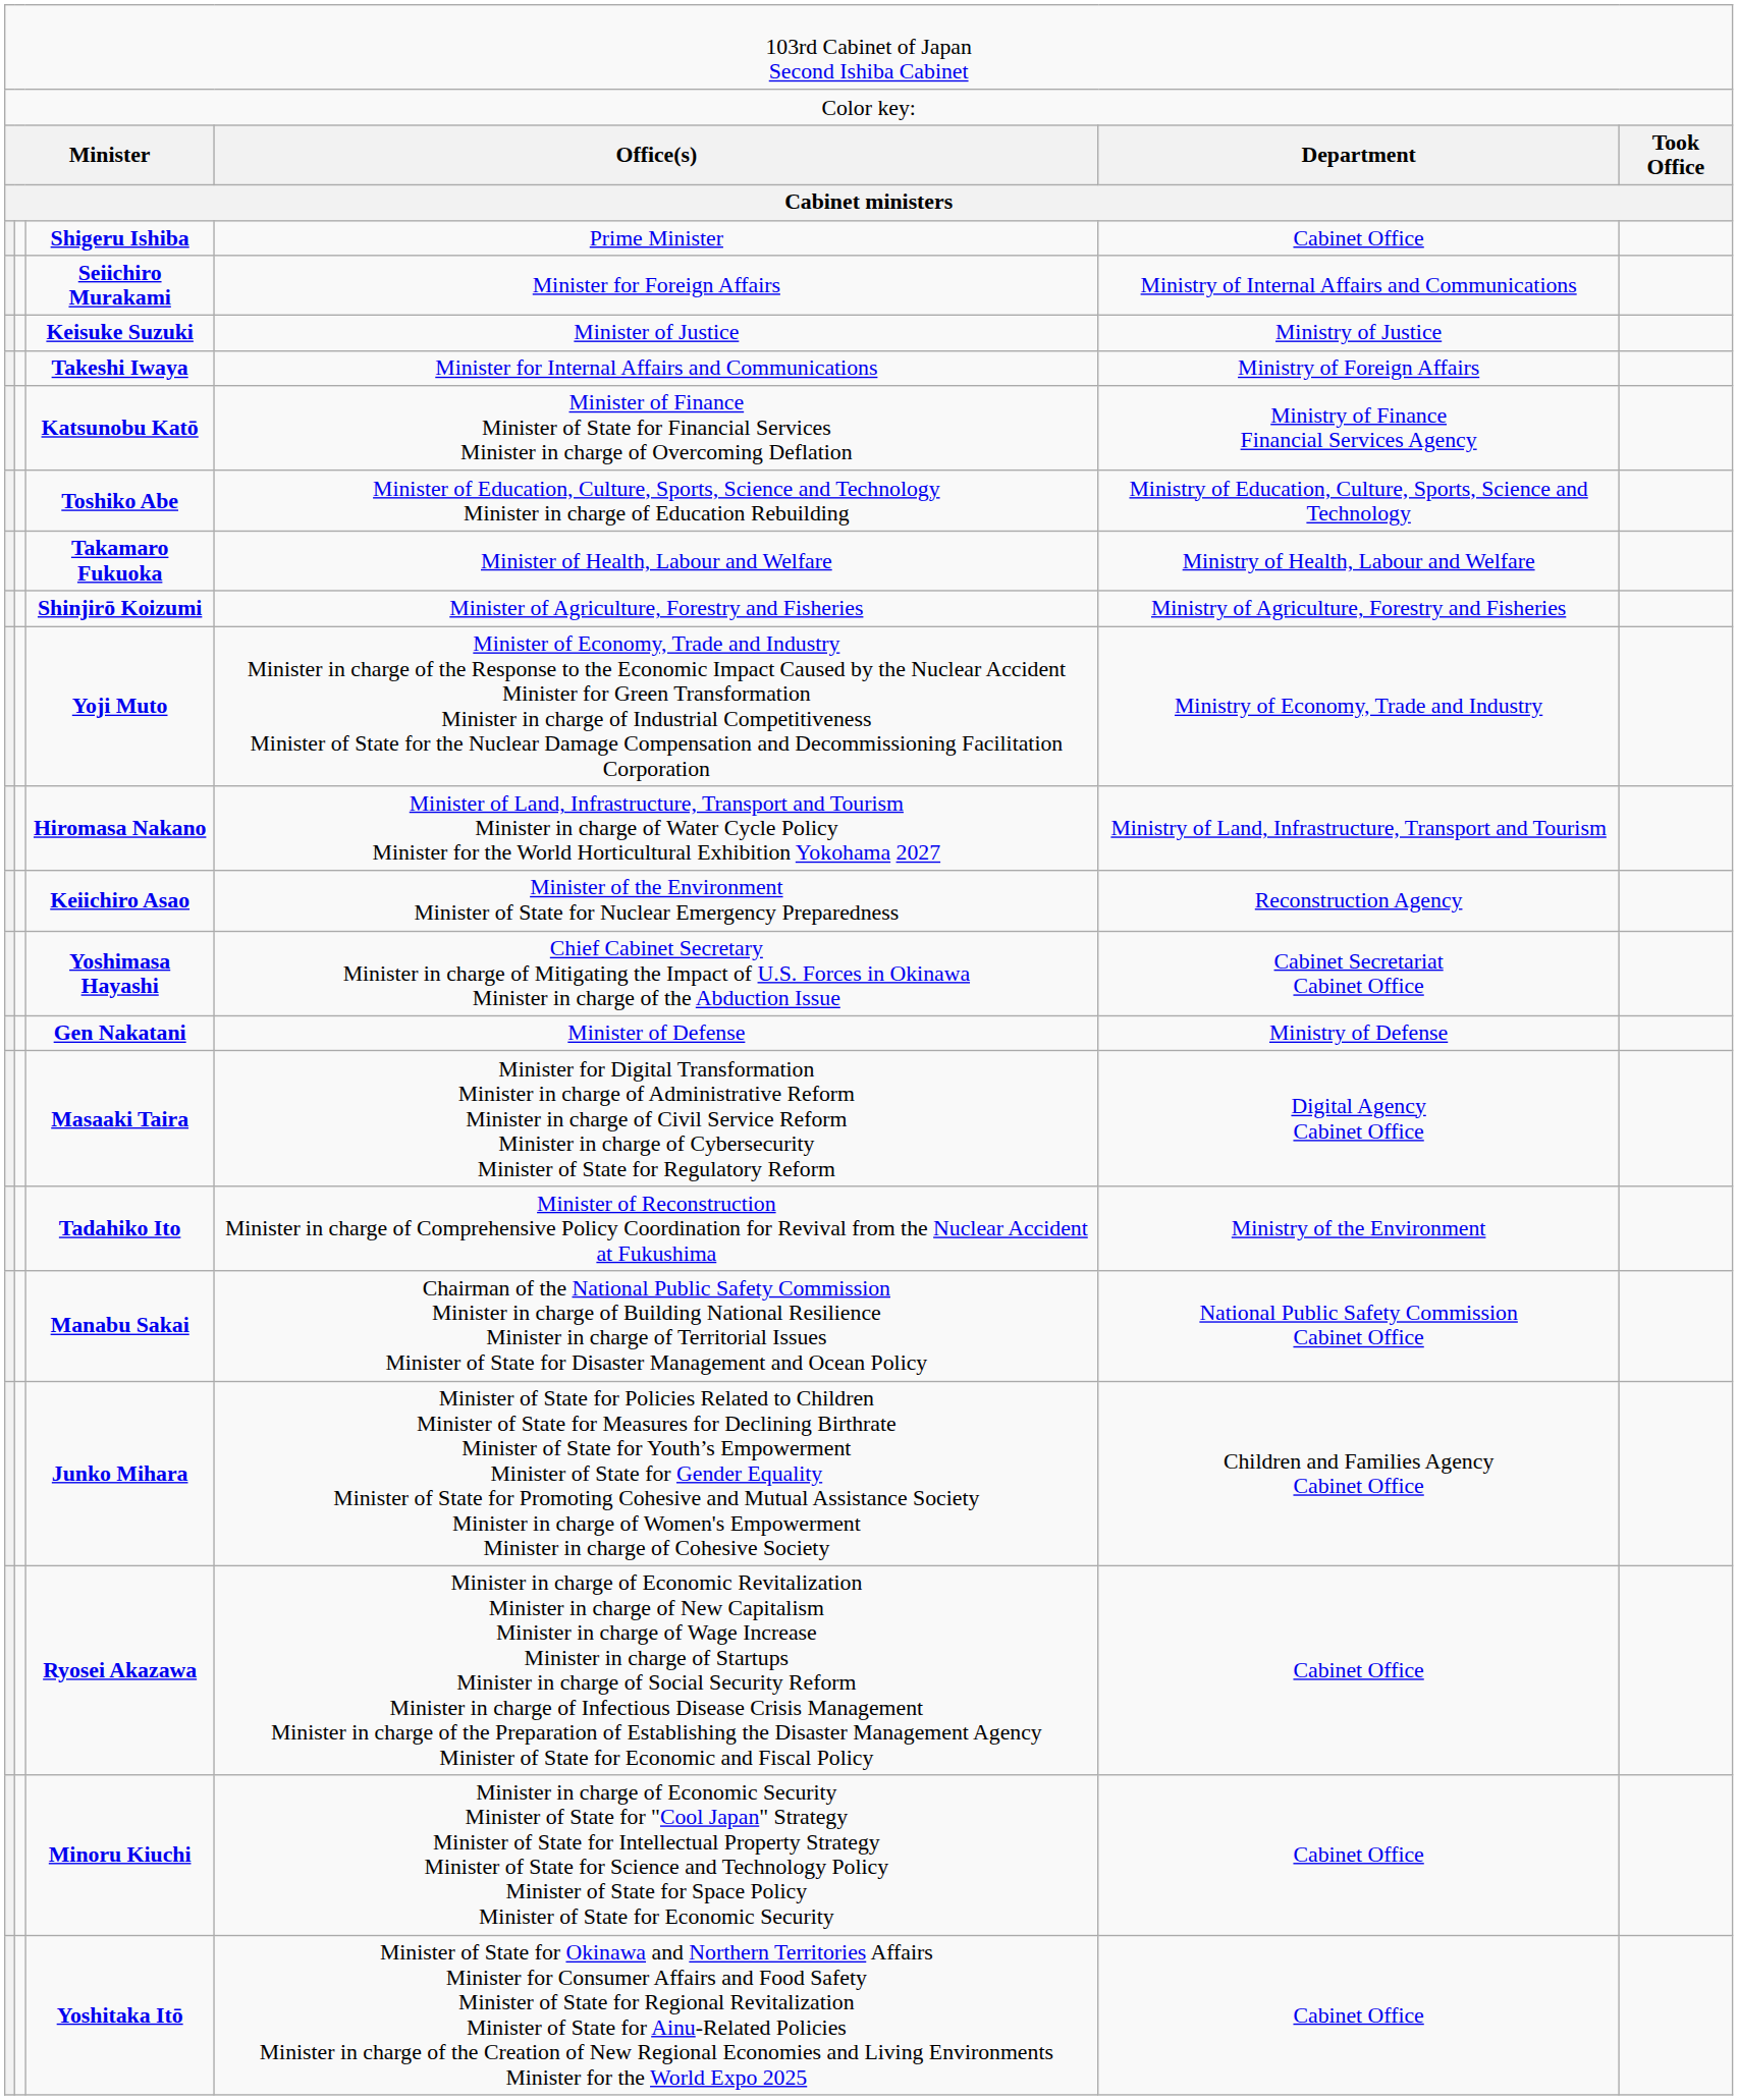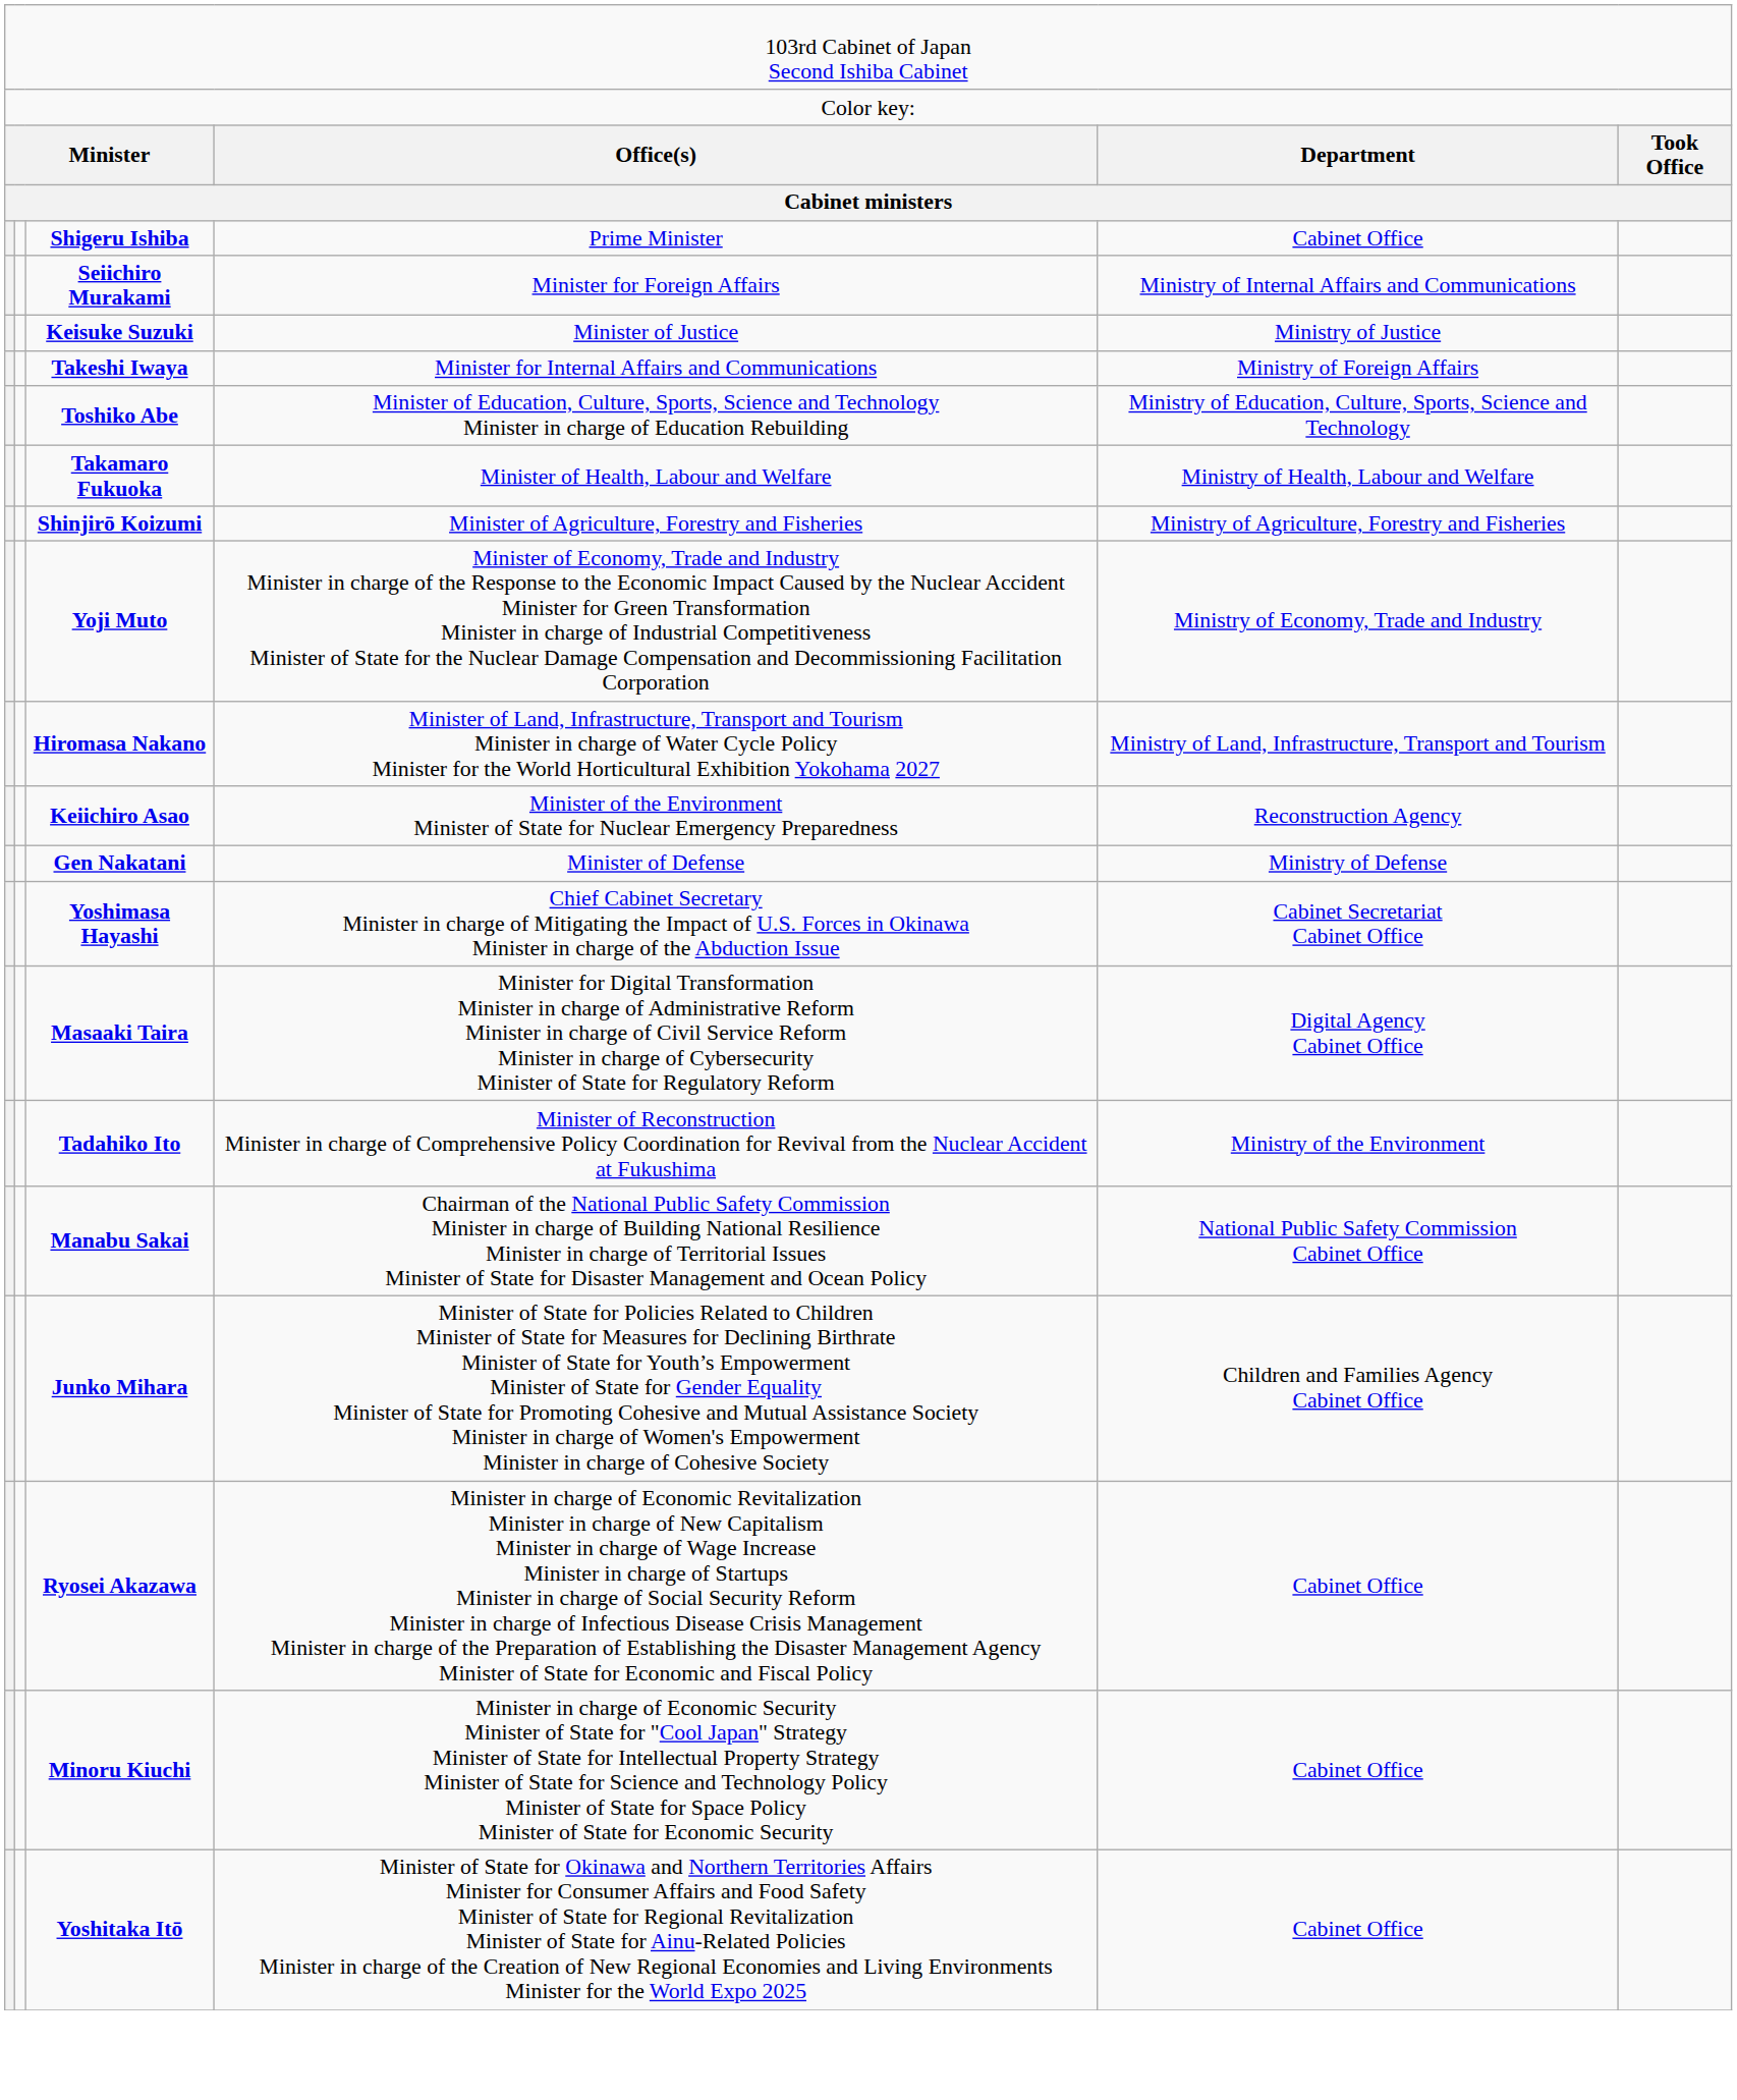 <table class="wikitable" style="text-align:center">
 <tr>
 <td colspan=6><br>103rd Cabinet of Japan<br><a href='#'>Second Ishiba Cabinet</a></td>
 </tr>
 <tr>
 <td colspan=6>Color key:  <br></td>
 </tr>
 <tr>
 <th colspan=3 scope="col">Minister<br></th>
 <th>Office(s)</th>
 <th>Department</th>
 <th>Took Office</th>
 </tr>
 <tr>
 <th colspan=6>Cabinet ministers</th>
 </tr>
 <tr>
 <th style="color:inherit;background-color: "></th>
 <td style="text-align:center;"></td>
 <td><strong><a href='#'>Shigeru Ishiba</a></strong><br></td>
 <td><a href='#'>Prime Minister</a></td>
 <td><a href='#'>Cabinet Office</a></td>
 <td></td>
 </tr>
 <tr>
 <th style="color:inherit;background-color: "></th>
 <td style="text-align:center;"></td>
 <td><strong><a href='#'>Seiichiro Murakami</a></strong><br></td>
 <td><a href='#'>Minister for Foreign Affairs</a></td>
 <td><a href='#'>Ministry of Internal Affairs and Communications</a></td>
 <td></td>
 </tr>
 <tr>
 <th style="color:inherit;background-color: "></th>
 <td style="text-align:center;"></td>
 <td><strong><a href='#'>Keisuke Suzuki</a></strong><br></td>
 <td><a href='#'>Minister of Justice</a></td>
 <td><a href='#'>Ministry of Justice</a></td>
 <td></td>
 </tr>
 <tr>
 <th style="color:inherit;background-color: "></th>
 <td style="text-align:center;"></td>
 <td><strong><a href='#'>Takeshi Iwaya</a></strong><br></td>
 <td><a href='#'>Minister for Internal Affairs and Communications</a></td>
 <td><a href='#'>Ministry of Foreign Affairs</a></td>
-<td></td>
-</tr>
-<tr>
-<th style="color:inherit;background-color: "></th>
-<td style="text-align:center;"></td>
-<td><strong><a href='#'>Katsunobu Katō</a></strong><br></td>
-<td><a href='#'>Minister of Finance</a><br>Minister of State for Financial Services<br>Minister in charge of Overcoming Deflation</td>
-<td><a href='#'>Ministry of Finance</a><br><a href='#'>Financial Services Agency</a></td>
 <td></td>
 </tr>
 <tr>
 <th style="color:inherit;background-color: "></th>
 <td style="text-align:center;"></td>
 <td><strong><a href='#'>Toshiko Abe</a></strong><br></td>
 <td><a href='#'>Minister of Education, Culture, Sports, Science and Technology</a><br>Minister in charge of Education Rebuilding</td>
 <td><a href='#'>Ministry of Education, Culture, Sports, Science and Technology</a></td>
 <td></td>
 </tr>
 <tr>
 <th style="color:inherit;background-color: "></th>
 <td style="text-align:center;"></td>
 <td><strong><a href='#'>Takamaro Fukuoka</a></strong><br></td>
 <td><a href='#'>Minister of Health, Labour and Welfare</a></td>
 <td><a href='#'>Ministry of Health, Labour and Welfare</a></td>
 <td></td>
 </tr>
 <tr>
 <th style="color:inherit;background-color: "></th>
 <td style="text-align:center;"></td>
 <td><strong><a href='#'>Shinjirō Koizumi</a></strong><br></td>
 <td><a href='#'>Minister of Agriculture, Forestry and Fisheries</a></td>
 <td><a href='#'>Ministry of Agriculture, Forestry and Fisheries</a></td>
 <td></td>
 </tr>
 <tr>
 <th style="color:inherit;background-color: "></th>
 <td style="text-align:center;"></td>
 <td><strong><a href='#'>Yoji Muto</a></strong><br></td>
 <td><a href='#'>Minister of Economy, Trade and Industry</a><br>Minister in charge of the Response to the Economic Impact Caused by the Nuclear Accident<br>Minister for Green Transformation<br>Minister in charge of Industrial Competitiveness<br>Minister of State for the Nuclear Damage Compensation and Decommissioning Facilitation Corporation</td>
 <td><a href='#'>Ministry of Economy, Trade and Industry</a></td>
 <td></td>
 </tr>
 <tr>
 <th style="color:inherit;background-color: "></th>
 <td></td>
 <td scope="row"><strong><a href='#'>Hiromasa Nakano</a></strong><br></td>
 <td><a href='#'>Minister of Land, Infrastructure, Transport and Tourism</a><br>Minister in charge of Water Cycle Policy<br>Minister for the World Horticultural Exhibition <a href='#'>Yokohama</a> <a href='#'>2027</a></td>
 <td><a href='#'>Ministry of Land, Infrastructure, Transport and Tourism</a></td>
 <td></td>
 </tr>
 <tr>
 <th style="color:inherit;background-color: "></th>
 <td style="text-align:center;"></td>
 <td><strong><a href='#'>Keiichiro Asao</a></strong><br></td>
 <td><a href='#'>Minister of the Environment</a><br>Minister of State for Nuclear Emergency Preparedness</td>
 <td><a href='#'>Reconstruction Agency</a></td>
 <td></td>
 </tr>
 <tr>
 <th style="color:inherit;background-color: "></th>
+<td style="text-align:center;"></td>
+<td><strong><a href='#'>Gen Nakatani</a></strong><br></td>
+<td><a href='#'>Minister of Defense</a></td>
+<td><a href='#'>Ministry of Defense</a></td>
+<td></td>
+</tr>
+<tr>
+<th style="color:inherit;background-color: "></th>
 <td></td>
 <td scope="row"><strong><a href='#'>Yoshimasa Hayashi</a></strong><br></td>
 <td><a href='#'>Chief Cabinet Secretary</a><br>Minister in charge of Mitigating the Impact of <a href='#'>U.S. Forces in Okinawa</a><br>Minister in charge of the <a href='#'>Abduction Issue</a></td>
 <td><a href='#'>Cabinet Secretariat</a><br><a href='#'>Cabinet Office</a></td>
-<td></td>
-</tr>
-<tr>
-<th style="color:inherit;background-color: "></th>
-<td style="text-align:center;"></td>
-<td><strong><a href='#'>Gen Nakatani</a></strong><br></td>
-<td><a href='#'>Minister of Defense</a></td>
-<td><a href='#'>Ministry of Defense</a></td>
 <td></td>
 </tr>
 <tr>
 <th style="color:inherit;background-color: "></th>
 <td style="text-align:center;"></td>
 <td><strong><a href='#'>Masaaki Taira</a></strong><br></td>
 <td>Minister for Digital Transformation<br>Minister in charge of Administrative Reform<br>Minister in charge of Civil Service Reform<br>Minister in charge of Cybersecurity<br>Minister of State for Regulatory Reform</td>
 <td><a href='#'>Digital Agency</a><br><a href='#'>Cabinet Office</a></td>
 <td></td>
 </tr>
 <tr>
 <th style="color:inherit;background-color: "></th>
 <td style="text-align:center;"></td>
 <td><strong><a href='#'>Tadahiko Ito</a></strong><br></td>
 <td><a href='#'>Minister of Reconstruction</a><br>Minister in charge of Comprehensive Policy Coordination for Revival from the <a href='#'>Nuclear Accident at Fukushima</a></td>
 <td><a href='#'>Ministry of the Environment</a></td>
 <td></td>
 </tr>
 <tr>
 <th style="color:inherit;background-color: "></th>
 <td style="text-align:center;"></td>
 <td><strong><a href='#'>Manabu Sakai</a></strong><br></td>
 <td>Chairman of the <a href='#'>National Public Safety Commission</a><br>Minister in charge of Building National Resilience<br>Minister in charge of Territorial Issues<br>Minister of State for Disaster Management and Ocean Policy</td>
 <td><a href='#'>National Public Safety Commission</a><br><a href='#'>Cabinet Office</a></td>
 <td></td>
 </tr>
 <tr>
 <th style="color:inherit;background-color: "></th>
 <td style="text-align:center;"></td>
 <td><strong><a href='#'>Junko Mihara</a></strong><br></td>
 <td>Minister of State for Policies Related to Children<br>Minister of State for Measures for Declining Birthrate<br>Minister of State for Youth’s Empowerment<br>Minister of State for <a href='#'>Gender Equality</a><br>Minister of State for Promoting Cohesive and Mutual Assistance Society<br>Minister in charge of Women's Empowerment<br>Minister in charge of Cohesive Society</td>
 <td>Children and Families Agency<br><a href='#'>Cabinet Office</a></td>
 <td></td>
 </tr>
 <tr>
 <th style="color:inherit;background-color: "></th>
 <td style="text-align:center;"></td>
 <td><strong><a href='#'>Ryosei Akazawa</a></strong><br></td>
 <td>Minister in charge of Economic Revitalization<br>Minister in charge of New Capitalism<br>Minister in charge of Wage Increase<br>Minister in charge of Startups<br>Minister in charge of Social Security Reform<br>Minister in charge of Infectious Disease Crisis Management<br>Minister in charge of the Preparation of Establishing the Disaster Management Agency<br>Minister of State for Economic and Fiscal Policy</td>
 <td><a href='#'>Cabinet Office</a></td>
 <td></td>
 </tr>
 <tr>
 <th style="color:inherit;background-color: "></th>
 <td style="text-align:center;"></td>
 <td><strong><a href='#'>Minoru Kiuchi</a></strong><br></td>
 <td>Minister in charge of Economic Security<br>Minister of State for "<a href='#'>Cool Japan</a>" Strategy<br>Minister of State for Intellectual Property Strategy<br>Minister of State for Science and Technology Policy<br>Minister of State for Space Policy<br>Minister of State for Economic Security</td>
 <td><a href='#'>Cabinet Office</a></td>
 <td></td>
 </tr>
 <tr>
 <th style="color:inherit;background-color: "></th>
 <td style="text-align:center;"></td>
 <td><strong><a href='#'>Yoshitaka Itō</a></strong><br></td>
 <td>Minister of State for <a href='#'>Okinawa</a> and <a href='#'>Northern Territories</a> Affairs<br>Minister for Consumer Affairs and Food Safety<br>Minister of State for Regional Revitalization<br>Minister of State for <a href='#'>Ainu</a>-Related Policies<br>Minister in charge of the Creation of New Regional Economies and Living Environments<br>Minister for the <a href='#'>World Expo 2025</a></td>
 <td><a href='#'>Cabinet Office</a></td>
 <td></td>
 </tr>
 </table>
